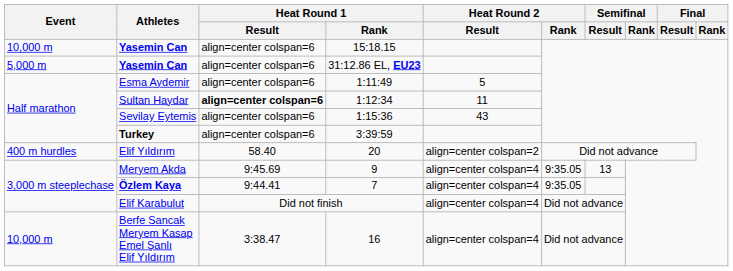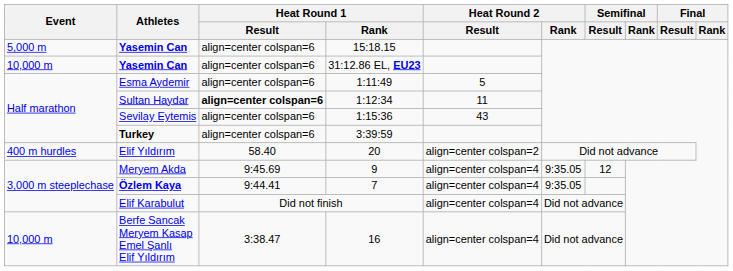 <table class="wikitable" border="1" style="font-size:90%">
 <tr>
 <th rowspan="2">Event</th>
 <th rowspan="2">Athletes</th>
 <th colspan="2">Heat Round 1</th>
 <th colspan="2">Heat Round 2</th>
 <th colspan="2">Semifinal</th>
 <th colspan="2">Final</th>
 </tr>
 <tr>
 <th>Result</th>
 <th>Rank</th>
 <th>Result</th>
 <th>Rank</th>
 <th>Result</th>
 <th>Rank</th>
 <th>Result</th>
 <th>Rank</th>
 </tr>
 <tr>
-<td rowspan=1><a href='#'>10,000 m</a></td>
+<td rowspan=1><a href='#'>5,000 m</a></td>
 <td><strong><a href='#'>Yasemin Can</a></strong></td>
 <td>align=center colspan=6 </td>
 <td align=center>15:18.15</td>
 <td align=center  bgcolor=></td>
 </tr>
 <tr>
-<td rowspan=1><a href='#'>5,000 m</a></td>
+<td rowspan=1><a href='#'>10,000 m</a></td>
 <td><strong><a href='#'>Yasemin Can</a></strong></td>
 <td>align=center colspan=6 </td>
 <td align=center>31:12.86 EL, <strong><a href='#'>EU23</a></strong></td>
 <td align=center  bgcolor=></td>
 </tr>
 <tr>
 <td rowspan=4><a href='#'>Half marathon</a></td>
 <td><a href='#'>Esma Aydemir</a></td>
 <td>align=center colspan=6 </td>
 <td align=center>1:11:49</td>
 <td align=center>5</td>
 </tr>
 <tr>
 <td><a href='#'>Sultan Haydar</a></td>
 <td><strong>align=center colspan=6 </strong></td>
 <td align=center>1:12:34</td>
 <td align=center>11</td>
 </tr>
 <tr>
 <td><a href='#'>Sevilay Eytemis</a></td>
 <td>align=center colspan=6 </td>
 <td align=center>1:15:36</td>
 <td align=center>43</td>
 </tr>
 <tr>
 <td><strong>Turkey</strong></td>
 <td>align=center colspan=6 </td>
 <td align=center>3:39:59</td>
 <td align=center bgcolor=></td>
 </tr>
 <tr>
 <td rowspan=1><a href='#'>400 m hurdles</a></td>
 <td><a href='#'>Elif Yıldırım</a></td>
 <td align=center>58.40</td>
 <td align=center>20</td>
 <td>align=center colspan=2 </td>
 <td align=center colspan=4>Did not advance</td>
 </tr>
 <tr>
 <td rowspan=3><a href='#'>3,000 m steeplechase</a></td>
 <td><a href='#'>Meryem Akda</a></td>
 <td align=center>9:45.69</td>
 <td align=center>9</td>
 <td>align=center colspan=4 </td>
 <td align=center>9:35.05</td>
-<td align=center>13</td>
+<td align=center>12</td>
 </tr>
 <tr>
 <td><strong><a href='#'>Özlem Kaya</a></strong></td>
 <td align=center>9:44.41</td>
 <td align=center>7</td>
 <td>align=center colspan=4 </td>
 <td align=center>9:35.05</td>
 <td align=center bgcolor=></td>
 </tr>
 <tr>
 <td><a href='#'>Elif Karabulut</a></td>
 <td align=center colspan=2>Did not finish</td>
 <td>align=center colspan=4 </td>
 <td align=center colspan=2>Did not advance</td>
 </tr>
 <tr>
 <td rowspan=1><a href='#'>10,000 m</a></td>
 <td><a href='#'>Berfe Sancak</a><br><a href='#'>Meryem Kasap</a><br><a href='#'>Emel Şanlı</a><br><a href='#'>Elif Yıldırım</a></td>
 <td align=center>3:38.47</td>
 <td align=center>16</td>
 <td>align=center colspan=4 </td>
 <td align=center colspan=2>Did not advance</td>
 </tr>
 </table>
